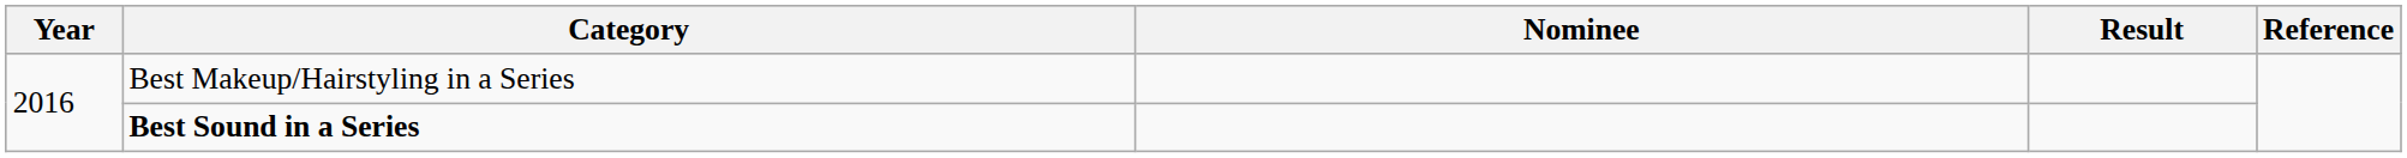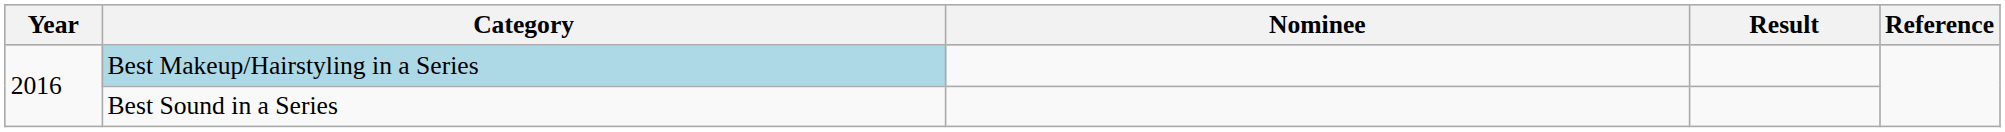 <table class="wikitable">
 <tr>
 <th width=5%>Year</th>
 <th width=45%>Category</th>
 <th width=40%>Nominee</th>
 <th width=10%>Result</th>
 <th width=5%>Reference</th>
 </tr>
 <tr>
 <td rowspan="2">2016</td>
-<td>Best Makeup/Hairstyling in a Series</td>
+<td style="background: lightblue;">Best Makeup/Hairstyling in a Series</td>
 <td></td>
 <td></td>
 <td rowspan="2"></td>
 </tr>
 <tr>
-<td><strong>Best Sound in a Series</strong></td>
+<td>Best Sound in a Series</td>
 <td></td>
 <td></td>
 </tr>
 </table>
